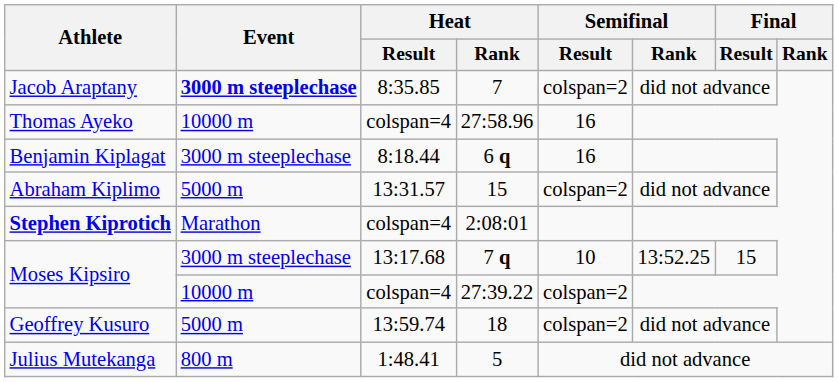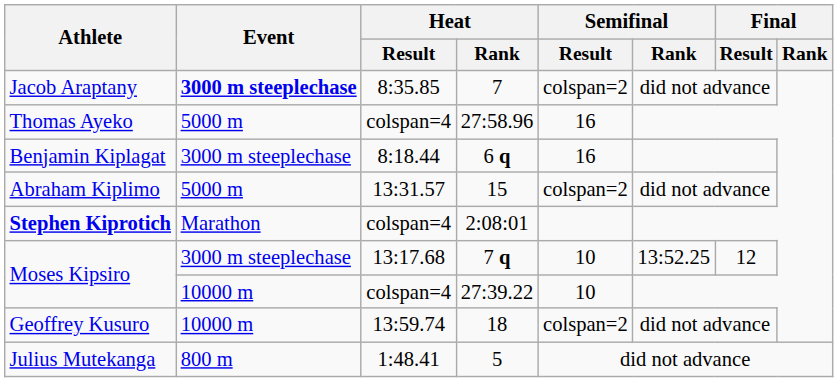 <table class="wikitable" style="font-size:90%">
 <tr>
 <th rowspan="2">Athlete</th>
 <th rowspan="2">Event</th>
 <th colspan="2">Heat</th>
 <th colspan="2">Semifinal</th>
 <th colspan="2">Final</th>
 </tr>
 <tr style="font-size:95%">
 <th>Result</th>
 <th>Rank</th>
 <th>Result</th>
 <th>Rank</th>
 <th>Result</th>
 <th>Rank</th>
 </tr>
 <tr align=center>
 <td align=left><a href='#'>Jacob Araptany</a></td>
 <td align=left><strong><a href='#'>3000 m steeplechase</a></strong></td>
 <td>8:35.85</td>
 <td>7</td>
 <td>colspan=2 </td>
 <td colspan=2>did not advance</td>
 </tr>
 <tr align=center>
 <td align=left><a href='#'>Thomas Ayeko</a></td>
-<td align=left><a href='#'>10000 m</a></td>
+<td align=left><a href='#'>5000 m</a></td>
 <td>colspan=4 </td>
 <td>27:58.96</td>
 <td>16</td>
 </tr>
 <tr align=center>
 <td align=left><a href='#'>Benjamin Kiplagat</a></td>
 <td align=left><a href='#'>3000 m steeplechase</a></td>
 <td>8:18.44</td>
 <td>6 <strong>q</strong></td>
 <td>16</td>
 <td colspan=2></td>
 </tr>
 <tr align=center>
 <td align=left><a href='#'>Abraham Kiplimo</a></td>
 <td align=left><a href='#'>5000 m</a></td>
 <td>13:31.57</td>
 <td>15</td>
 <td>colspan=2 </td>
 <td colspan=2>did not advance</td>
 </tr>
 <tr align=center>
 <td align=left><strong><a href='#'>Stephen Kiprotich</a></strong></td>
 <td align=left><a href='#'>Marathon</a></td>
 <td>colspan=4 </td>
 <td>2:08:01</td>
 <td></td>
 </tr>
 <tr align=center>
 <td align=left rowspan=2><a href='#'>Moses Kipsiro</a></td>
 <td align=left><a href='#'>3000 m steeplechase</a></td>
 <td>13:17.68</td>
 <td>7 <strong>q</strong></td>
 <td>10</td>
 <td>13:52.25</td>
-<td>15</td>
+<td>12</td>
 </tr>
 <tr align=center>
 <td align=left><a href='#'>10000 m</a></td>
 <td>colspan=4 </td>
 <td>27:39.22</td>
-<td>colspan=2 </td>
+<td>10</td>
 </tr>
 <tr align=center>
 <td align=left><a href='#'>Geoffrey Kusuro</a></td>
-<td align=left><a href='#'>5000 m</a></td>
+<td align=left><a href='#'>10000 m</a></td>
 <td>13:59.74</td>
 <td>18</td>
 <td>colspan=2 </td>
 <td colspan=2>did not advance</td>
 </tr>
 <tr align=center>
 <td align=left><a href='#'>Julius Mutekanga</a></td>
 <td align=left><a href='#'>800 m</a></td>
 <td>1:48.41</td>
 <td>5</td>
 <td colspan=4>did not advance</td>
 </tr>
 </table>
